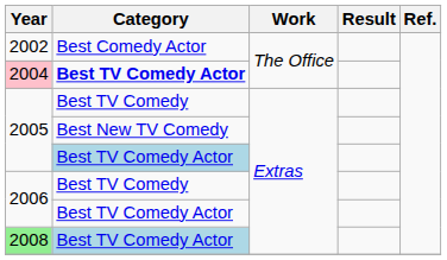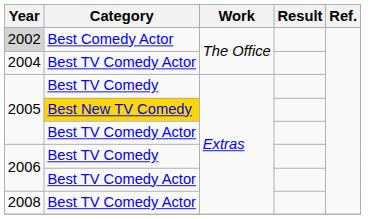 <table class="wikitable">
 <tr>
 <th>Year</th>
 <th>Category</th>
 <th>Work</th>
 <th>Result</th>
 <th>Ref.</th>
 </tr>
 <tr>
-<td>2002</td>
+<td style="background: lightgrey;">2002</td>
 <td><a href='#'>Best Comedy Actor</a></td>
 <td rowspan=2><em>The Office</em></td>
 <td></td>
 <td rowspan=8></td>
 </tr>
 <tr>
-<td style="background: pink;">2004</td>
-<td><strong><a href='#'>Best TV Comedy Actor</a></strong></td>
+<td>2004</td>
+<td><a href='#'>Best TV Comedy Actor</a></td>
 <td></td>
 </tr>
 <tr>
 <td rowspan=3>2005</td>
 <td><a href='#'>Best TV Comedy</a></td>
 <td rowspan=6><em><a href='#'>Extras</a></em></td>
 <td></td>
 </tr>
 <tr>
-<td><a href='#'>Best New TV Comedy</a></td>
+<td style="background: gold;"><a href='#'>Best New TV Comedy</a></td>
 <td></td>
 </tr>
 <tr>
-<td style="background: lightblue;"><a href='#'>Best TV Comedy Actor</a></td>
+<td><a href='#'>Best TV Comedy Actor</a></td>
 <td></td>
 </tr>
 <tr>
 <td rowspan=2>2006</td>
 <td><a href='#'>Best TV Comedy</a></td>
 <td></td>
 </tr>
 <tr>
 <td><a href='#'>Best TV Comedy Actor</a></td>
 <td></td>
 </tr>
 <tr>
-<td style="background: lightgreen;">2008</td>
-<td style="background: lightblue;"><a href='#'>Best TV Comedy Actor</a></td>
+<td>2008</td>
+<td><a href='#'>Best TV Comedy Actor</a></td>
 <td></td>
 </tr>
 <tr>
 </tr>
 </table>
